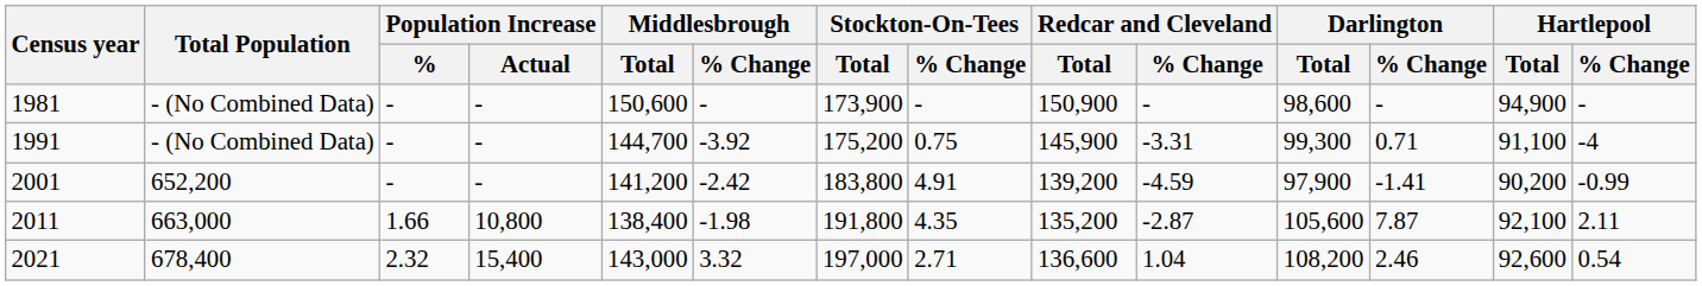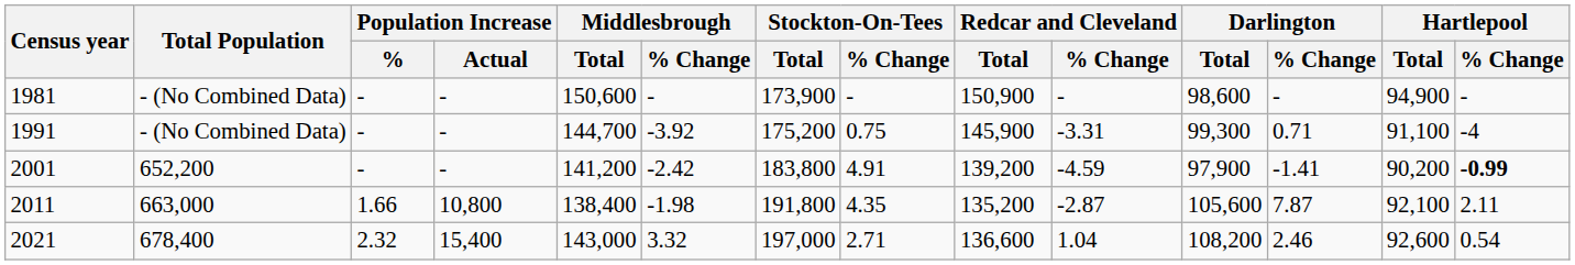 <table class="wikitable sortable">
 <tr>
 <th rowspan="2">Census year</th>
 <th rowspan="2">Total Population</th>
 <th colspan="2">Population Increase</th>
 <th colspan="2">Middlesbrough</th>
 <th colspan="2">Stockton-On-Tees</th>
 <th colspan="2">Redcar and Cleveland</th>
 <th colspan="2">Darlington</th>
 <th colspan="2">Hartlepool</th>
 </tr>
 <tr>
 <th><strong>%</strong></th>
 <th>Actual</th>
 <th>Total</th>
 <th>% Change</th>
 <th>Total</th>
 <th>% Change</th>
 <th>Total</th>
 <th>% Change</th>
 <th>Total</th>
 <th>% Change</th>
 <th>Total</th>
 <th>% Change</th>
 </tr>
 <tr>
 <td>1981</td>
 <td>- (No Combined Data)</td>
 <td>-</td>
 <td>-</td>
 <td>150,600</td>
 <td>-</td>
 <td>173,900</td>
 <td>-</td>
 <td>150,900</td>
 <td>-</td>
 <td>98,600</td>
 <td>-</td>
 <td>94,900</td>
 <td>-</td>
 </tr>
 <tr>
 <td>1991</td>
 <td>- (No Combined Data)</td>
 <td>-</td>
 <td>-</td>
 <td>144,700</td>
 <td>-3.92</td>
 <td>175,200</td>
 <td>0.75</td>
 <td>145,900</td>
 <td>-3.31</td>
 <td>99,300</td>
 <td>0.71</td>
 <td>91,100</td>
 <td>-4</td>
 </tr>
 <tr>
 <td>2001</td>
 <td>652,200</td>
 <td>-</td>
 <td>-</td>
 <td>141,200</td>
 <td>-2.42</td>
 <td>183,800</td>
 <td>4.91</td>
 <td>139,200</td>
 <td>-4.59</td>
 <td>97,900</td>
 <td>-1.41</td>
 <td>90,200</td>
-<td>-0.99</td>
+<td><strong>-0.99</strong></td>
 </tr>
 <tr>
 <td>2011</td>
 <td>663,000</td>
 <td>1.66</td>
 <td>10,800</td>
 <td>138,400</td>
 <td>-1.98</td>
 <td>191,800</td>
 <td>4.35</td>
 <td>135,200</td>
 <td>-2.87</td>
 <td>105,600</td>
 <td>7.87</td>
 <td>92,100</td>
 <td>2.11</td>
 </tr>
 <tr>
 <td>2021</td>
 <td>678,400</td>
 <td>2.32</td>
 <td>15,400</td>
 <td>143,000</td>
 <td>3.32</td>
 <td>197,000</td>
 <td>2.71</td>
 <td>136,600</td>
 <td>1.04</td>
 <td>108,200</td>
 <td>2.46</td>
 <td>92,600</td>
 <td>0.54</td>
 </tr>
 </table>
